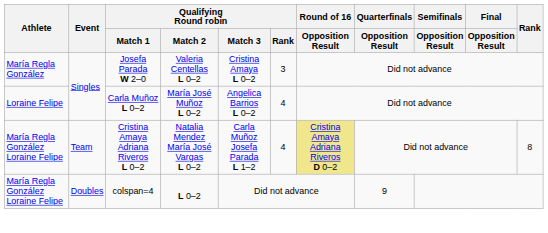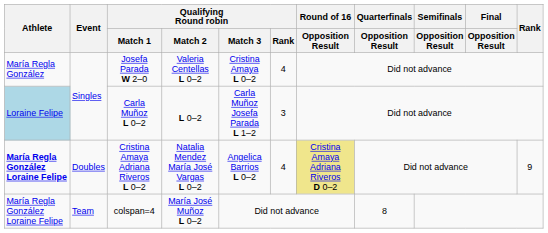 <table class="wikitable" style="font-size:90%">
 <tr>
 <th rowspan="2">Athlete</th>
 <th rowspan="2">Event</th>
 <th colspan="4">Qualifying<br>Round robin</th>
 <th>Round of 16</th>
 <th>Quarterfinals</th>
 <th>Semifinals</th>
 <th>Final</th>
 <th rowspan="2">Rank</th>
 </tr>
 <tr>
 <th>Match 1</th>
 <th>Match 2</th>
 <th>Match 3</th>
 <th>Rank</th>
 <th>Opposition<br>Result</th>
 <th>Opposition<br>Result</th>
 <th>Opposition<br>Result</th>
 <th>Opposition<br>Result</th>
 </tr>
 <tr align=center>
 <td align=left><a href='#'>María Regla González</a></td>
 <td rowspan=2 align=left><a href='#'>Singles</a></td>
 <td align=center> <a href='#'>Josefa Parada</a><br><strong>W</strong> 2–0</td>
 <td align=center> <a href='#'>Valeria Centellas</a><br><strong>L</strong> 0–2</td>
 <td align=center> <a href='#'>Cristina Amaya</a><br><strong>L</strong> 0–2</td>
+<td>4</td>
+<td colspan=5>Did not advance</td>
+</tr>
+<tr align=center>
+<td align=left style="background: lightblue;"><a href='#'>Loraine Felipe</a></td>
+<td align=center> <a href='#'>Carla Muñoz</a><br><strong>L</strong> 0–2</td>
+<td align=center><br><strong>L</strong> 0–2</td>
+<td align=center> <a href='#'>Carla Muñoz</a><br><a href='#'>Josefa Parada</a><br><strong>L</strong> 1–2</td>
 <td>3</td>
 <td colspan=5>Did not advance</td>
 </tr>
 <tr align=center>
-<td align=left><a href='#'>Loraine Felipe</a></td>
-<td align=center> <a href='#'>Carla Muñoz</a><br><strong>L</strong> 0–2</td>
-<td align=center> <a href='#'>María José Muñoz</a><br><strong>L</strong> 0–2</td>
+<td align=left><strong><a href='#'>María Regla González</a><br><a href='#'>Loraine Felipe</a></strong></td>
+<td align=left><a href='#'>Doubles</a></td>
+<td align=center> <a href='#'>Cristina Amaya</a><br><a href='#'>Adriana Riveros</a><br><strong>L</strong> 0–2</td>
+<td align=center> <a href='#'>Natalia Mendez</a><br><a href='#'>María José Vargas</a><br><strong>L</strong> 0–2</td>
 <td align=center> <a href='#'>Angelica Barrios</a><br><strong>L</strong> 0–2</td>
 <td>4</td>
-<td colspan=5>Did not advance</td>
+<td align=center style="background: khaki;"> <a href='#'>Cristina Amaya</a><br><a href='#'>Adriana Riveros</a><br><strong>D</strong> 0–2</td>
+<td colspan=3>Did not advance</td>
+<td>9</td>
 </tr>
 <tr align=center>
 <td align=left><a href='#'>María Regla González</a><br><a href='#'>Loraine Felipe</a></td>
 <td align=left><a href='#'>Team</a></td>
-<td align=center> <a href='#'>Cristina Amaya</a><br><a href='#'>Adriana Riveros</a><br><strong>L</strong> 0–2</td>
-<td align=center> <a href='#'>Natalia Mendez</a><br><a href='#'>María José Vargas</a><br><strong>L</strong> 0–2</td>
-<td align=center> <a href='#'>Carla Muñoz</a><br><a href='#'>Josefa Parada</a><br><strong>L</strong> 1–2</td>
-<td>4</td>
-<td align=center style="background: khaki;"> <a href='#'>Cristina Amaya</a><br><a href='#'>Adriana Riveros</a><br><strong>D</strong> 0–2</td>
+<td>colspan=4 </td>
+<td align=center> <a href='#'>María José Muñoz</a><br><strong>L</strong> 0–2</td>
 <td colspan=3>Did not advance</td>
 <td>8</td>
 </tr>
-<tr align=center>
-<td align=left><a href='#'>María Regla González</a><br><a href='#'>Loraine Felipe</a></td>
-<td align=left><a href='#'>Doubles</a></td>
-<td>colspan=4 </td>
-<td align=center><br><strong>L</strong> 0–2</td>
-<td colspan=3>Did not advance</td>
-<td>9</td>
-</tr>
 </table>
